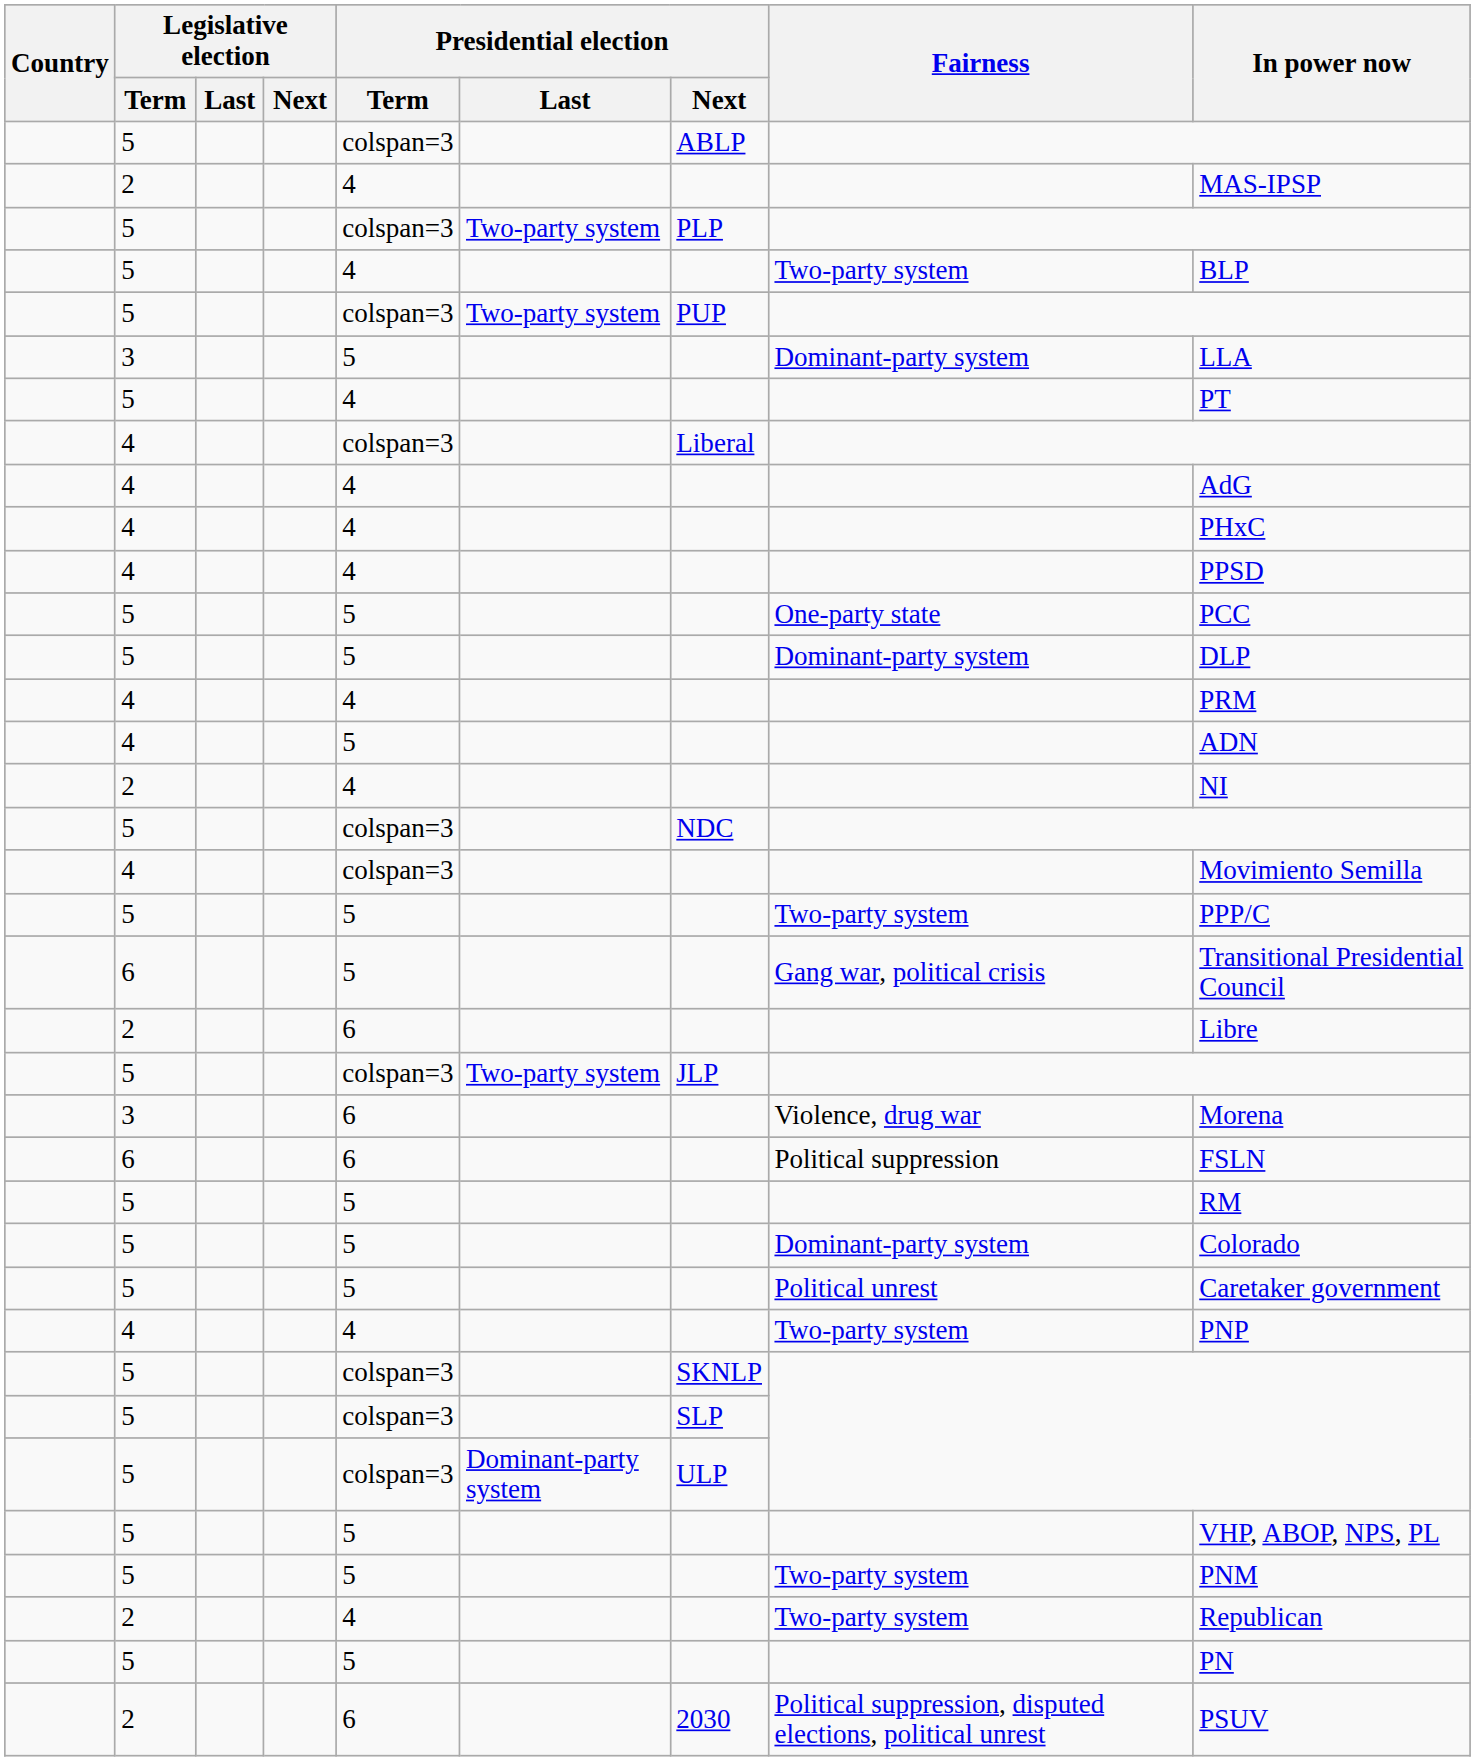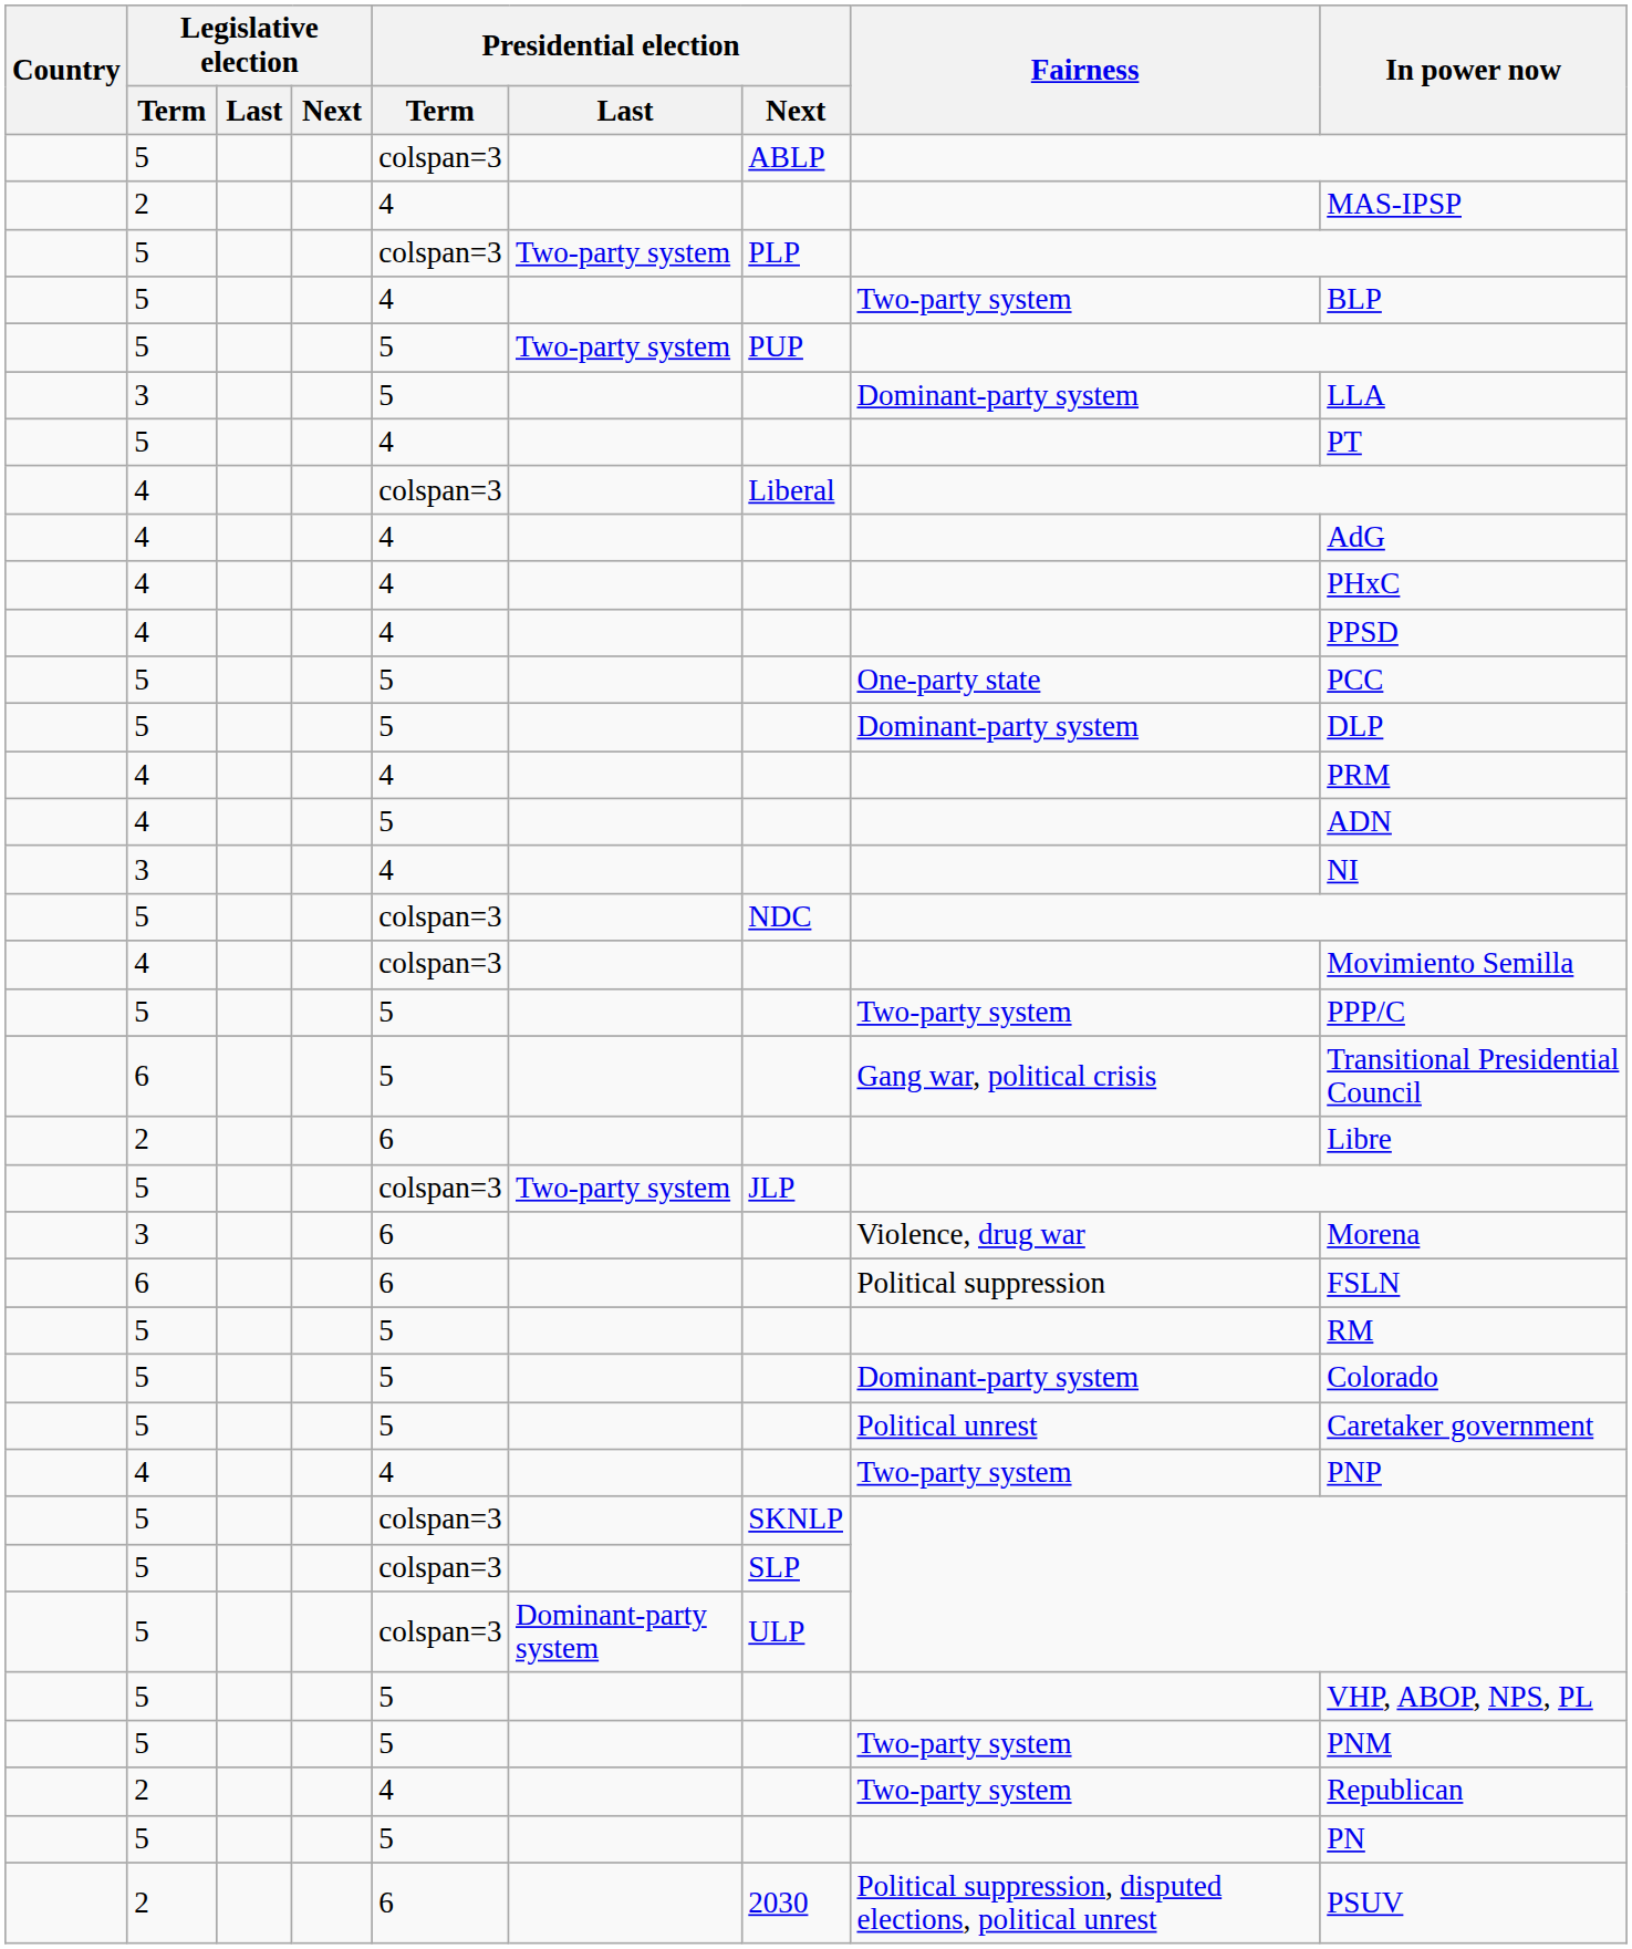 <table class="wikitable sortable">
 <tr>
 <th rowspan=2>Country</th>
 <th colspan=3>Legislative election</th>
 <th colspan=3>Presidential election</th>
 <th rowspan=2><a href='#'>Fairness</a></th>
 <th rowspan=2>In power now</th>
 </tr>
 <tr>
 <th>Term</th>
 <th>Last</th>
 <th>Next</th>
 <th>Term</th>
 <th>Last</th>
 <th>Next</th>
 </tr>
 <tr>
 <td></td>
 <td>5</td>
 <td><a href='#'></a></td>
 <td><a href='#'></a></td>
 <td>colspan=3 </td>
 <td></td>
 <td><a href='#'>ABLP</a></td>
 </tr>
 <tr>
 <td></td>
 <td>2</td>
 <td><a href='#'></a></td>
 <td><a href='#'></a></td>
 <td>4</td>
 <td><a href='#'></a></td>
 <td><a href='#'></a></td>
 <td></td>
 <td><a href='#'>MAS-IPSP</a></td>
 </tr>
 <tr>
 <td></td>
 <td>5</td>
 <td><a href='#'></a></td>
 <td><a href='#'></a></td>
 <td>colspan=3 </td>
 <td><a href='#'>Two-party system</a></td>
 <td><a href='#'>PLP</a></td>
 </tr>
 <tr>
 <td></td>
 <td>5</td>
 <td><a href='#'></a></td>
 <td><a href='#'></a></td>
 <td>4</td>
 <td><a href='#'></a></td>
 <td><a href='#'></a></td>
 <td><a href='#'>Two-party system</a></td>
 <td><a href='#'>BLP</a></td>
 </tr>
 <tr>
 <td></td>
 <td>5</td>
 <td><a href='#'></a></td>
 <td><a href='#'></a></td>
-<td>colspan=3 </td>
+<td>5</td>
 <td><a href='#'>Two-party system</a></td>
 <td><a href='#'>PUP</a></td>
 </tr>
 <tr>
 <td></td>
 <td>3</td>
 <td><a href='#'></a></td>
 <td><a href='#'></a></td>
 <td>5</td>
 <td><a href='#'></a></td>
 <td><a href='#'></a></td>
 <td><a href='#'>Dominant-party system</a></td>
 <td><a href='#'>LLA</a></td>
 </tr>
 <tr>
 <td></td>
 <td>5</td>
 <td><a href='#'></a></td>
 <td><a href='#'></a></td>
 <td>4</td>
 <td><a href='#'></a></td>
 <td><a href='#'></a></td>
 <td></td>
 <td><a href='#'>PT</a></td>
 </tr>
 <tr>
 <td></td>
 <td>4</td>
 <td><a href='#'></a></td>
 <td><a href='#'></a></td>
 <td>colspan=3 </td>
 <td></td>
 <td><a href='#'>Liberal</a></td>
 </tr>
 <tr>
 <td></td>
 <td>4</td>
 <td><a href='#'></a></td>
 <td><a href='#'></a></td>
 <td>4</td>
 <td><a href='#'></a></td>
 <td><a href='#'></a></td>
 <td></td>
 <td><a href='#'>AdG</a></td>
 </tr>
 <tr>
 <td></td>
 <td>4</td>
 <td><a href='#'></a></td>
 <td><a href='#'></a></td>
 <td>4</td>
 <td><a href='#'></a></td>
 <td><a href='#'></a></td>
 <td></td>
 <td><a href='#'>PHxC</a></td>
 </tr>
 <tr>
 <td></td>
 <td>4</td>
 <td><a href='#'></a></td>
 <td><a href='#'></a></td>
 <td>4</td>
 <td><a href='#'></a></td>
 <td><a href='#'></a></td>
 <td></td>
 <td><a href='#'>PPSD</a></td>
 </tr>
 <tr>
 <td></td>
 <td>5</td>
 <td><a href='#'></a></td>
 <td><a href='#'></a></td>
 <td>5</td>
 <td><a href='#'></a></td>
 <td><a href='#'></a></td>
 <td><a href='#'>One-party state</a></td>
 <td><a href='#'>PCC</a></td>
 </tr>
 <tr>
 <td></td>
 <td>5</td>
 <td><a href='#'></a></td>
 <td><a href='#'></a></td>
 <td>5</td>
 <td><a href='#'></a></td>
 <td><a href='#'></a></td>
 <td><a href='#'>Dominant-party system</a></td>
 <td><a href='#'>DLP</a></td>
 </tr>
 <tr>
 <td></td>
 <td>4</td>
 <td><a href='#'></a></td>
 <td><a href='#'></a></td>
 <td>4</td>
 <td><a href='#'></a></td>
 <td><a href='#'></a></td>
 <td></td>
 <td><a href='#'>PRM</a></td>
 </tr>
 <tr>
 <td></td>
 <td>4</td>
 <td><a href='#'></a></td>
 <td><a href='#'></a></td>
 <td>5</td>
 <td><a href='#'></a></td>
 <td><a href='#'></a></td>
 <td></td>
 <td><a href='#'>ADN</a></td>
 </tr>
 <tr>
 <td></td>
-<td>2</td>
+<td>3</td>
 <td><a href='#'></a></td>
 <td><a href='#'></a></td>
 <td>4</td>
 <td><a href='#'></a></td>
 <td><a href='#'></a></td>
 <td></td>
 <td><a href='#'>NI</a></td>
 </tr>
 <tr>
 <td></td>
 <td>5</td>
 <td><a href='#'></a></td>
 <td><a href='#'></a></td>
 <td>colspan=3 </td>
 <td></td>
 <td><a href='#'>NDC</a></td>
 </tr>
 <tr>
 <td></td>
 <td>4</td>
 <td><a href='#'></a></td>
 <td><a href='#'></a></td>
 <td>colspan=3 </td>
 <td><a href='#'></a></td>
 <td><a href='#'></a></td>
 <td></td>
 <td><a href='#'>Movimiento Semilla</a></td>
 </tr>
 <tr>
 <td></td>
 <td>5</td>
 <td><a href='#'></a></td>
 <td><a href='#'></a></td>
 <td>5</td>
 <td><a href='#'></a></td>
 <td><a href='#'></a></td>
 <td><a href='#'>Two-party system</a></td>
 <td><a href='#'>PPP/C</a></td>
 </tr>
 <tr>
 <td></td>
 <td>6</td>
 <td><a href='#'></a></td>
 <td><a href='#'></a></td>
 <td>5</td>
 <td><a href='#'></a></td>
 <td><a href='#'></a></td>
 <td><a href='#'>Gang war</a>, <a href='#'>political crisis</a></td>
 <td><a href='#'>Transitional Presidential Council</a></td>
 </tr>
 <tr>
 <td></td>
 <td>2</td>
 <td><a href='#'></a></td>
 <td><a href='#'></a></td>
 <td>6</td>
 <td><a href='#'></a></td>
 <td><a href='#'></a></td>
 <td></td>
 <td><a href='#'>Libre</a></td>
 </tr>
 <tr>
 <td></td>
 <td>5</td>
 <td><a href='#'></a></td>
 <td><a href='#'></a></td>
 <td>colspan=3 </td>
 <td><a href='#'>Two-party system</a></td>
 <td><a href='#'>JLP</a></td>
 </tr>
 <tr>
 <td></td>
 <td>3</td>
 <td><a href='#'></a></td>
 <td><a href='#'></a></td>
 <td>6</td>
 <td><a href='#'></a></td>
 <td><a href='#'></a></td>
 <td>Violence, <a href='#'>drug war</a></td>
 <td><a href='#'>Morena</a></td>
 </tr>
 <tr>
 <td></td>
 <td>6</td>
 <td><a href='#'></a></td>
 <td><a href='#'></a></td>
 <td>6</td>
 <td><a href='#'></a></td>
 <td><a href='#'></a></td>
 <td>Political suppression</td>
 <td><a href='#'>FSLN</a></td>
 </tr>
 <tr>
 <td></td>
 <td>5</td>
 <td><a href='#'></a></td>
 <td><a href='#'></a></td>
 <td>5</td>
 <td><a href='#'></a></td>
 <td><a href='#'></a></td>
 <td></td>
 <td><a href='#'>RM</a></td>
 </tr>
 <tr>
 <td></td>
 <td>5</td>
 <td><a href='#'></a></td>
 <td><a href='#'></a></td>
 <td>5</td>
 <td><a href='#'></a></td>
 <td><a href='#'></a></td>
 <td><a href='#'>Dominant-party system</a></td>
 <td><a href='#'>Colorado</a></td>
 </tr>
 <tr>
 <td></td>
 <td>5</td>
 <td><a href='#'></a></td>
 <td><a href='#'></a></td>
 <td>5</td>
 <td><a href='#'></a></td>
 <td><a href='#'></a></td>
 <td><a href='#'>Political unrest</a></td>
 <td><a href='#'>Caretaker government</a></td>
 </tr>
 <tr>
 <td></td>
 <td>4</td>
 <td><a href='#'></a></td>
 <td><a href='#'></a></td>
 <td>4</td>
 <td><a href='#'></a></td>
 <td><a href='#'></a></td>
 <td><a href='#'>Two-party system</a></td>
 <td><a href='#'>PNP</a></td>
 </tr>
 <tr>
 <td></td>
 <td>5</td>
 <td><a href='#'></a></td>
 <td><a href='#'></a></td>
 <td>colspan=3 </td>
 <td></td>
 <td><a href='#'>SKNLP</a></td>
 </tr>
 <tr>
 <td></td>
 <td>5</td>
 <td><a href='#'></a></td>
 <td><a href='#'></a></td>
 <td>colspan=3 </td>
 <td></td>
 <td><a href='#'>SLP</a></td>
 </tr>
 <tr>
 <td></td>
 <td>5</td>
 <td><a href='#'></a></td>
 <td><a href='#'></a></td>
 <td>colspan=3 </td>
 <td><a href='#'>Dominant-party system</a></td>
 <td><a href='#'>ULP</a></td>
 </tr>
 <tr>
 <td></td>
 <td>5</td>
 <td><a href='#'></a></td>
 <td><a href='#'></a></td>
 <td>5</td>
 <td><a href='#'></a></td>
 <td><a href='#'></a></td>
 <td></td>
 <td><a href='#'>VHP</a>, <a href='#'>ABOP</a>, <a href='#'>NPS</a>, <a href='#'>PL</a></td>
 </tr>
 <tr>
 <td></td>
 <td>5</td>
 <td><a href='#'></a></td>
 <td></td>
 <td>5</td>
 <td><a href='#'></a></td>
 <td><a href='#'></a></td>
 <td><a href='#'>Two-party system</a></td>
 <td><a href='#'>PNM</a></td>
 </tr>
 <tr>
 <td></td>
 <td>2</td>
 <td><a href='#'></a></td>
 <td><a href='#'></a></td>
 <td>4</td>
 <td><a href='#'></a></td>
 <td><a href='#'></a></td>
 <td><a href='#'>Two-party system</a></td>
 <td><a href='#'>Republican</a></td>
 </tr>
 <tr>
 <td></td>
 <td>5</td>
 <td><a href='#'></a></td>
 <td><a href='#'></a></td>
 <td>5</td>
 <td><a href='#'></a></td>
 <td><a href='#'></a></td>
 <td></td>
 <td><a href='#'>PN</a></td>
 </tr>
 <tr>
 <td></td>
 <td>2</td>
 <td><a href='#'></a></td>
 <td><a href='#'></a></td>
 <td>6</td>
 <td><a href='#'></a></td>
 <td><a href='#'>2030</a></td>
 <td><a href='#'>Political suppression</a>, <a href='#'>disputed elections</a>, <a href='#'>political unrest</a></td>
 <td><a href='#'>PSUV</a></td>
 </tr>
 </table>
